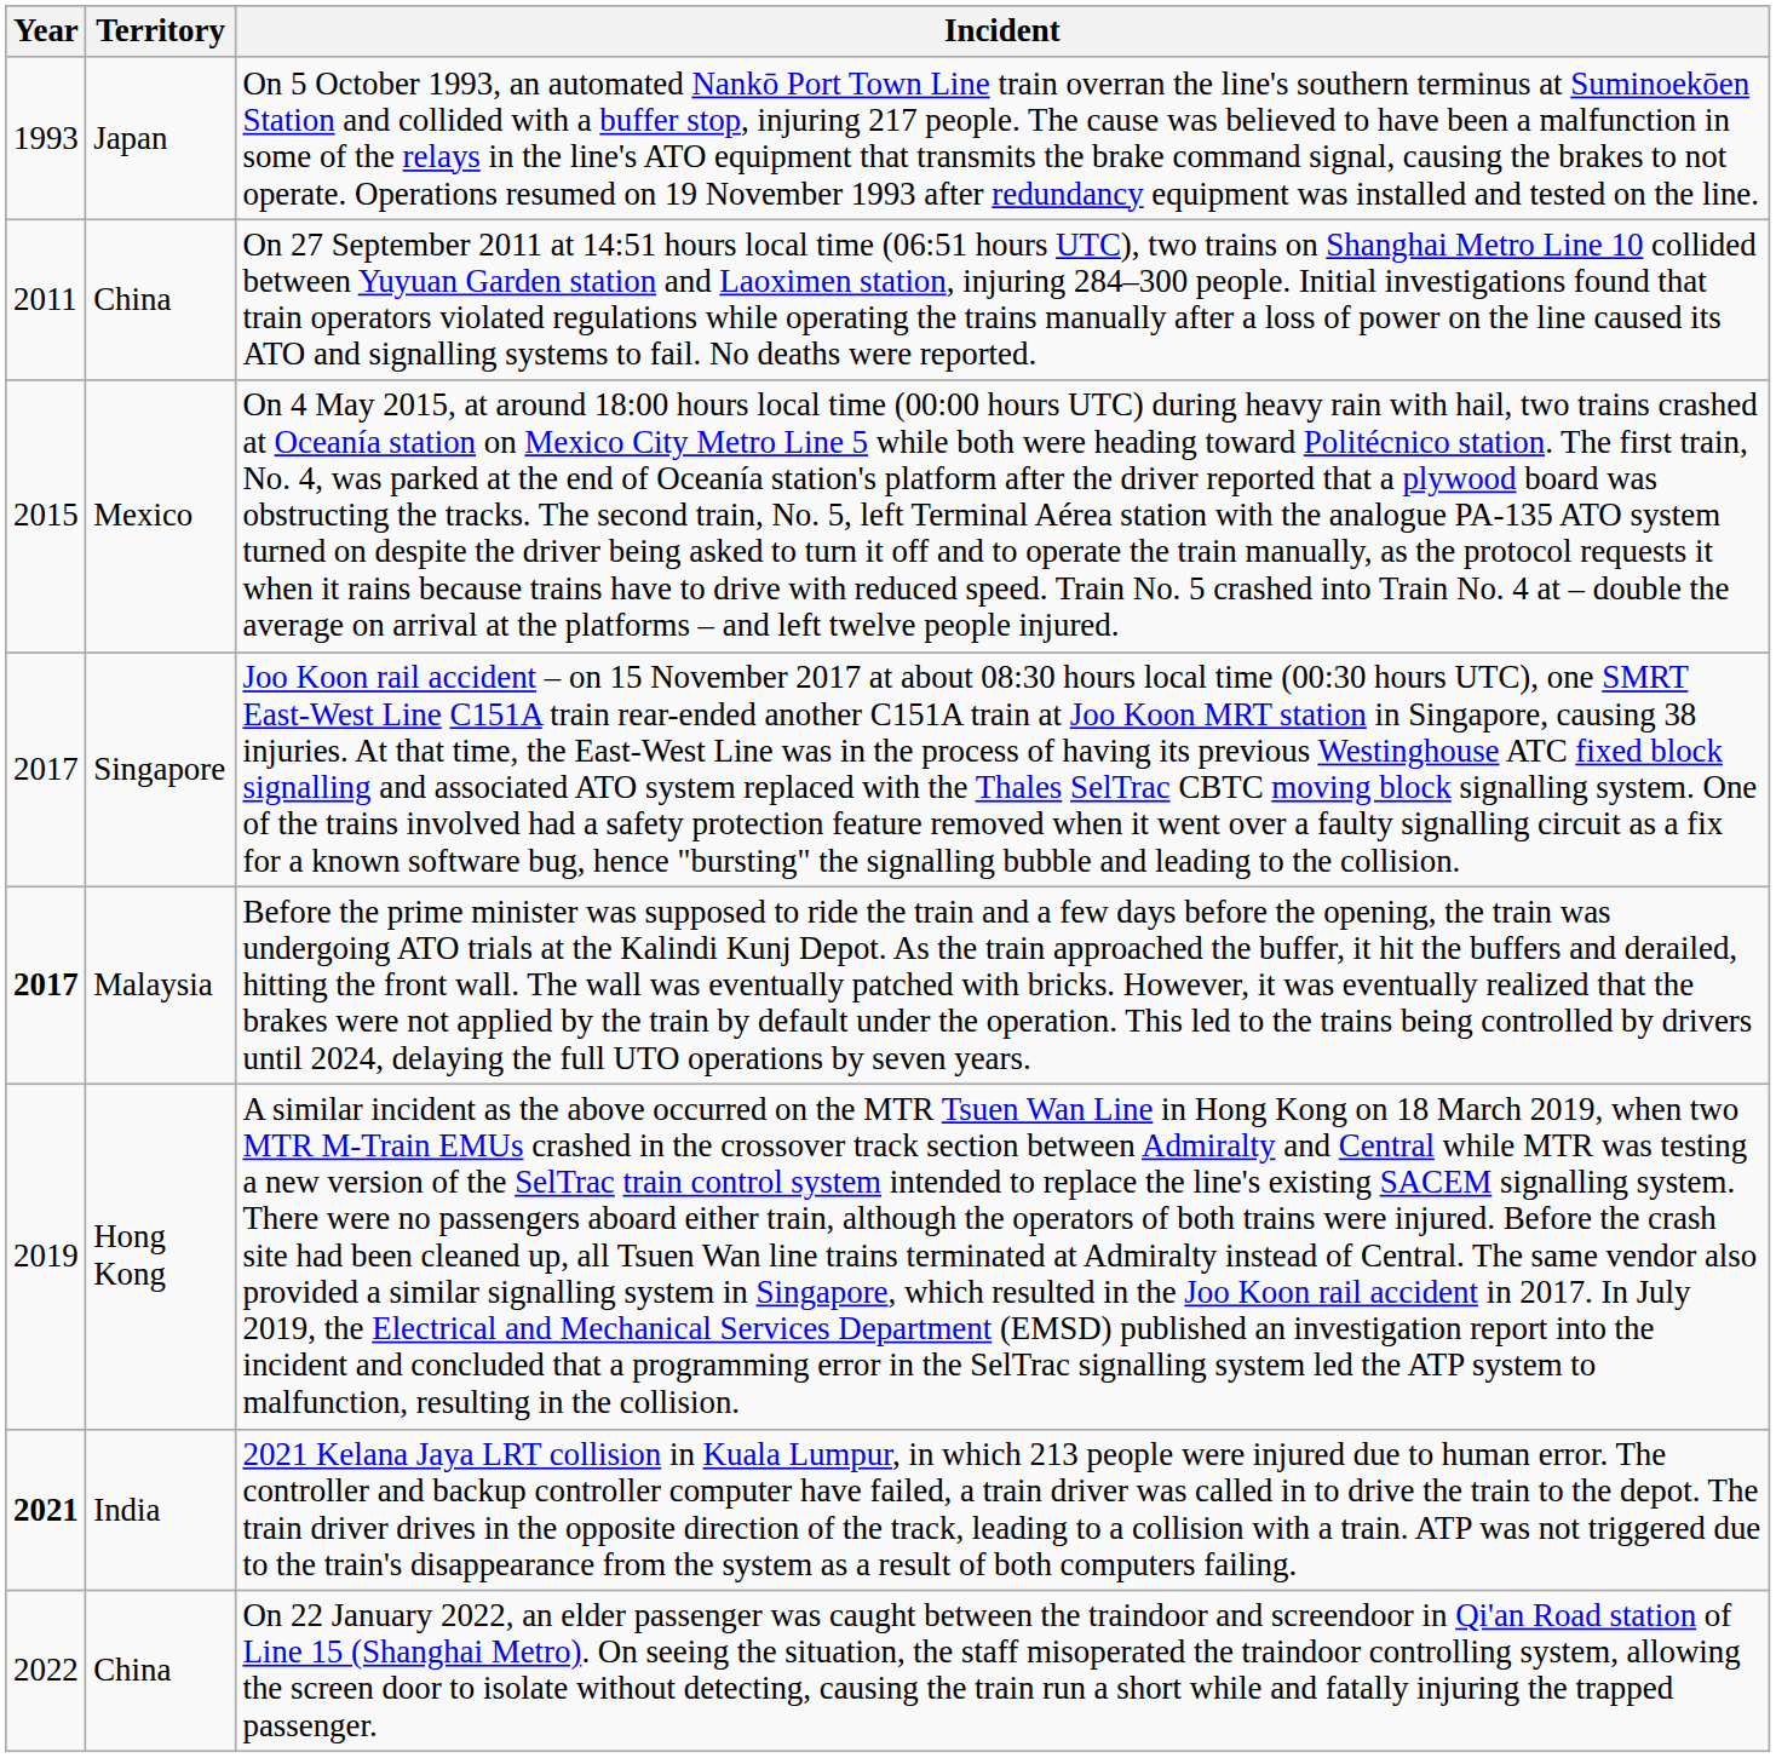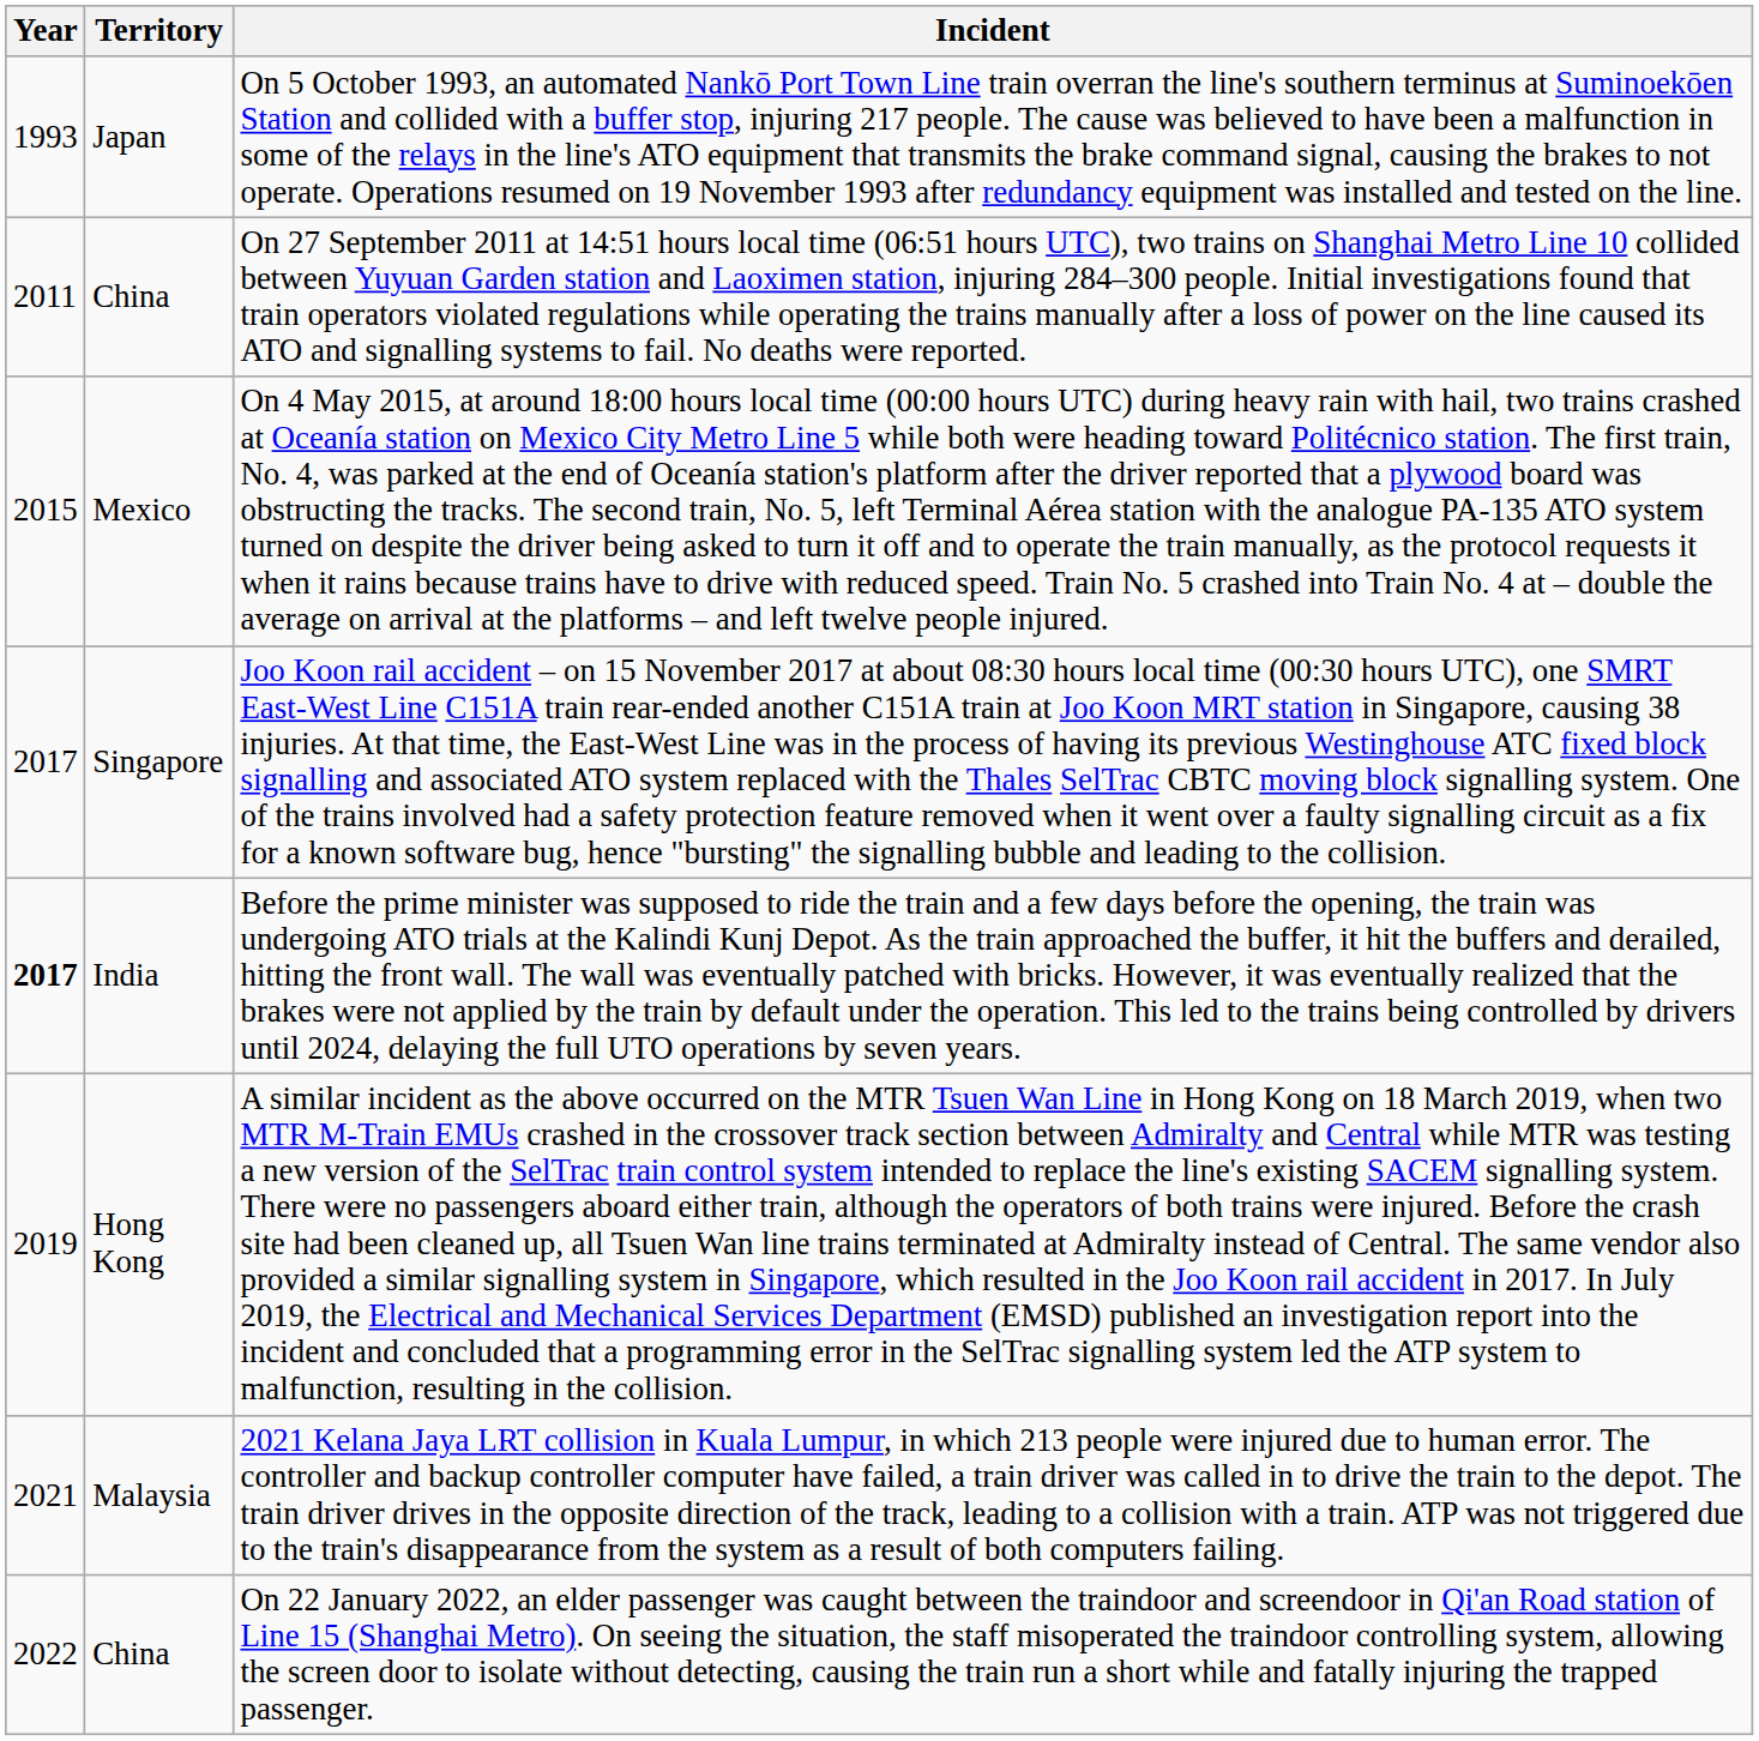 <table class="wikitable sortable">
 <tr>
 <th>Year</th>
 <th>Territory</th>
 <th>Incident</th>
 </tr>
 <tr>
 <td>1993</td>
 <td>Japan</td>
 <td>On 5 October 1993, an automated <a href='#'>Nankō Port Town Line</a> train overran the line's southern terminus at <a href='#'>Suminoekōen Station</a> and collided with a <a href='#'>buffer stop</a>, injuring 217 people. The cause was believed to have been a malfunction in some of the <a href='#'>relays</a> in the line's ATO equipment that transmits the brake command signal, causing the brakes to not operate. Operations resumed on 19 November 1993 after <a href='#'>redundancy</a> equipment was installed and tested on the line.</td>
 </tr>
 <tr>
 <td>2011</td>
 <td>China</td>
 <td>On 27 September 2011 at 14:51 hours local time (06:51 hours <a href='#'>UTC</a>), two trains on <a href='#'>Shanghai Metro Line 10</a> collided between <a href='#'>Yuyuan Garden station</a> and <a href='#'>Laoximen station</a>, injuring 284–300 people. Initial investigations found that train operators violated regulations while operating the trains manually after a loss of power on the line caused its ATO and signalling systems to fail. No deaths were reported.</td>
 </tr>
 <tr>
 <td>2015</td>
 <td>Mexico</td>
 <td>On 4 May 2015, at around 18:00 hours local time (00:00 hours UTC) during heavy rain with hail, two trains crashed at <a href='#'>Oceanía station</a> on <a href='#'>Mexico City Metro Line 5</a> while both were heading toward <a href='#'>Politécnico station</a>. The first train, No. 4, was parked at the end of Oceanía station's platform after the driver reported that a <a href='#'>plywood</a> board was obstructing the tracks. The second train, No. 5, left Terminal Aérea station with the analogue PA-135 ATO system turned on despite the driver being asked to turn it off and to operate the train manually, as the protocol requests it when it rains because trains have to drive with reduced speed. Train No. 5 crashed into Train No. 4 at  – double the average on arrival at the platforms – and left twelve people injured.</td>
 </tr>
 <tr>
 <td>2017</td>
 <td>Singapore</td>
 <td><a href='#'>Joo Koon rail accident</a> – on 15 November 2017 at about 08:30 hours local time (00:30 hours UTC), one <a href='#'>SMRT</a> <a href='#'>East-West Line</a> <a href='#'>C151A</a> train rear-ended another C151A train at <a href='#'>Joo Koon MRT station</a> in Singapore, causing 38 injuries. At that time, the East-West Line was in the process of having its previous <a href='#'>Westinghouse</a> ATC <a href='#'>fixed block signalling</a> and associated ATO system replaced with the <a href='#'>Thales</a> <a href='#'>SelTrac</a> CBTC <a href='#'>moving block</a> signalling system. One of the trains involved had a safety protection feature removed when it went over a faulty signalling circuit as a fix for a known software bug, hence "bursting" the signalling bubble and leading to the collision.</td>
 </tr>
 <tr>
 <td><strong>2017</strong></td>
-<td>Malaysia</td>
+<td>India</td>
 <td>Before the prime minister was supposed to ride the train and a few days before the opening, the train was undergoing ATO trials at the Kalindi Kunj Depot. As the train approached the buffer, it hit the buffers and derailed, hitting the front wall. The wall was eventually patched with bricks. However, it was eventually realized that the brakes were not applied by the train by default under the operation. This led to the trains being controlled by drivers until 2024, delaying the full UTO operations by seven years.</td>
 </tr>
 <tr>
 <td>2019</td>
 <td>Hong Kong</td>
 <td>A similar incident as the above occurred on the MTR <a href='#'>Tsuen Wan Line</a> in Hong Kong on 18 March 2019, when two <a href='#'>MTR M-Train EMUs</a> crashed in the crossover track section between <a href='#'>Admiralty</a> and <a href='#'>Central</a> while MTR was testing a new version of the <a href='#'>SelTrac</a> <a href='#'>train control system</a> intended to replace the line's existing <a href='#'>SACEM</a> signalling system. There were no passengers aboard either train, although the operators of both trains were injured. Before the crash site had been cleaned up, all Tsuen Wan line trains terminated at Admiralty instead of Central. The same vendor also provided a similar signalling system in <a href='#'>Singapore</a>, which resulted in the <a href='#'>Joo Koon rail accident</a> in 2017. In July 2019, the <a href='#'>Electrical and Mechanical Services Department</a> (EMSD) published an investigation report into the incident and concluded that a programming error in the SelTrac signalling system led the ATP system to malfunction, resulting in the collision.</td>
 </tr>
 <tr>
-<td><strong>2021</strong></td>
-<td>India</td>
+<td>2021</td>
+<td>Malaysia</td>
 <td><a href='#'>2021 Kelana Jaya LRT collision</a> in <a href='#'>Kuala Lumpur</a>, in which 213 people were injured due to human error. The controller and backup controller computer have failed, a train driver was called in to drive the train to the depot. The train driver drives in the opposite direction of the track, leading to a collision with a train. ATP was not triggered due to the train's disappearance from the system as a result of both computers failing.</td>
 </tr>
 <tr>
 <td>2022</td>
 <td>China</td>
 <td>On 22 January 2022, an elder passenger was caught between the traindoor and screendoor in <a href='#'>Qi'an Road station</a> of <a href='#'>Line 15 (Shanghai Metro)</a>. On seeing the situation, the staff misoperated the traindoor controlling system, allowing the screen door to isolate without detecting, causing the train run a short while and fatally injuring the trapped passenger.</td>
 </tr>
 </table>
